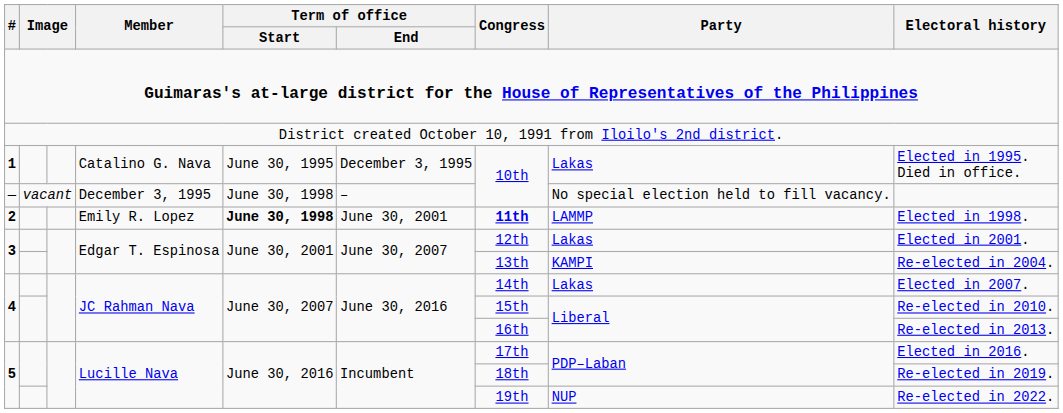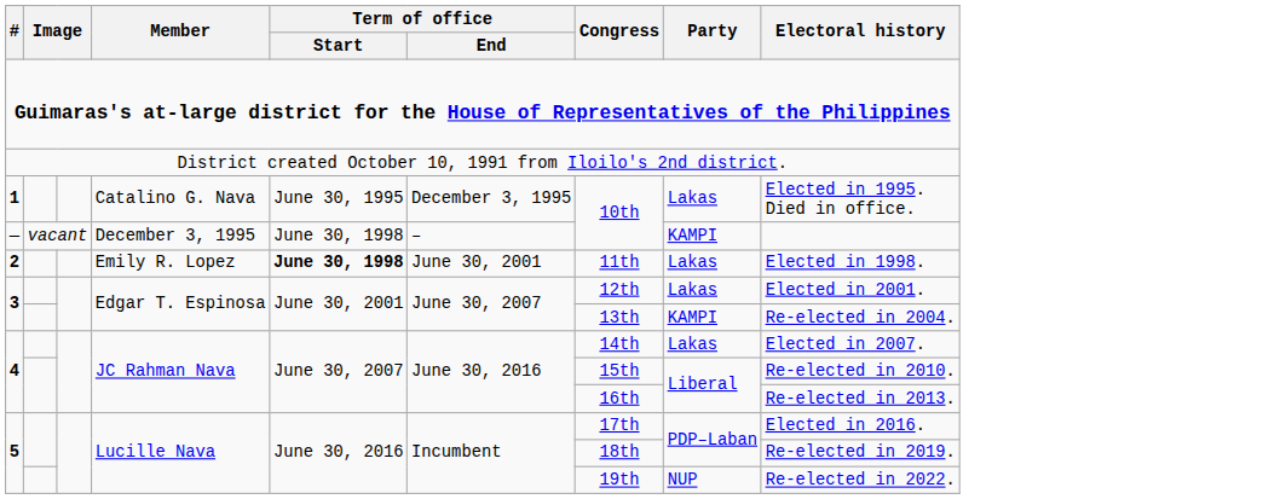 <table class=wikitable>
 <tr>
 <th rowspan="2">#</th>
 <th rowspan="2" colspan=2>Image</th>
 <th rowspan="2">Member</th>
 <th colspan=2>Term of office</th>
 <th rowspan="2">Congress</th>
 <th rowspan="2">Party</th>
 <th rowspan="2">Electoral history</th>
 </tr>
 <tr>
 <th>Start</th>
 <th>End</th>
 </tr>
 <tr>
 <td colspan="9" style="text-align:center;"><br><h3>Guimaras's at-large district for the <a href='#'>House of Representatives of the Philippines</a></h3></td>
 </tr>
 <tr>
 <td colspan="9" style="text-align:center;">District created October 10, 1991 from <a href='#'>Iloilo's 2nd district</a>.</td>
 </tr>
 <tr>
 <td style="text-align:center;"><strong>1</strong></td>
 <td style="color:inherit;background:"></td>
 <td></td>
 <td>Catalino G. Nava</td>
 <td>June 30, 1995</td>
 <td>December 3, 1995</td>
 <td rowspan="2" style="text-align:center;"><a href='#'>10th</a></td>
 <td><a href='#'>Lakas</a></td>
 <td><a href='#'>Elected in 1995</a>.<br>Died in office.</td>
 </tr>
 <tr>
 <td style="text-align:center;">—</td>
 <td colspan="2"><em>vacant</em></td>
 <td>December 3, 1995</td>
 <td>June 30, 1998</td>
 <td>–</td>
-<td>No special election held to fill vacancy.</td>
+<td><a href='#'>KAMPI</a></td>
 </tr>
 <tr>
 <td style="text-align:center;"><strong>2</strong></td>
 <td style="color:inherit;background:"></td>
 <td></td>
 <td>Emily R. Lopez</td>
 <td><strong>June 30, 1998</strong></td>
 <td>June 30, 2001</td>
-<td style="text-align:center;"><strong><a href='#'>11th</a></strong></td>
-<td><a href='#'>LAMMP</a></td>
+<td style="text-align:center;"><a href='#'>11th</a></td>
+<td><a href='#'>Lakas</a></td>
 <td><a href='#'>Elected in 1998</a>.</td>
 </tr>
 <tr>
 <td rowspan="2" style="text-align:center;"><strong>3</strong></td>
 <td style="color:inherit;background:"></td>
 <td rowspan="2"></td>
 <td rowspan="2">Edgar T. Espinosa</td>
 <td rowspan="2">June 30, 2001</td>
 <td rowspan="2">June 30, 2007</td>
 <td style="text-align:center;"><a href='#'>12th</a></td>
 <td><a href='#'>Lakas</a></td>
 <td><a href='#'>Elected in 2001</a>.</td>
 </tr>
 <tr>
 <td style="color:inherit;background:"></td>
 <td style="text-align:center;"><a href='#'>13th</a></td>
 <td><a href='#'>KAMPI</a></td>
 <td><a href='#'>Re-elected in 2004</a>.</td>
 </tr>
 <tr>
 <td rowspan="3" style="text-align:center;"><strong>4</strong></td>
 <td style="color:inherit;background:"></td>
 <td rowspan="3"></td>
 <td rowspan="3"><a href='#'>JC Rahman Nava</a></td>
 <td rowspan="3">June 30, 2007</td>
 <td rowspan="3">June 30, 2016</td>
 <td style="text-align:center;"><a href='#'>14th</a></td>
 <td><a href='#'>Lakas</a></td>
 <td><a href='#'>Elected in 2007</a>.</td>
 </tr>
 <tr>
 <td rowspan="2" style="color:inherit;background:"></td>
 <td style="text-align:center;"><a href='#'>15th</a></td>
 <td rowspan="2"><a href='#'>Liberal</a></td>
 <td><a href='#'>Re-elected in 2010</a>.</td>
 </tr>
 <tr>
 <td style="text-align:center;"><a href='#'>16th</a></td>
 <td><a href='#'>Re-elected in 2013</a>.</td>
 </tr>
 <tr>
 <td rowspan="3" style="text-align:center;"><strong>5</strong></td>
 <td rowspan="2" style="color:inherit;background:"></td>
 <td rowspan="3"></td>
 <td rowspan="3"><a href='#'>Lucille Nava</a></td>
 <td rowspan="3">June 30, 2016</td>
 <td rowspan="3">Incumbent</td>
 <td style="text-align:center;"><a href='#'>17th</a></td>
 <td rowspan="2"><a href='#'>PDP–Laban</a></td>
 <td><a href='#'>Elected in 2016</a>.</td>
 </tr>
 <tr>
 <td style="text-align:center;"><a href='#'>18th</a></td>
 <td><a href='#'>Re-elected in 2019</a>.</td>
 </tr>
 <tr>
 <td style="color:inherit;background:"></td>
 <td style="text-align:center;"><a href='#'>19th</a></td>
 <td><a href='#'>NUP</a></td>
 <td><a href='#'>Re-elected in 2022</a>.</td>
 </tr>
 </table>
